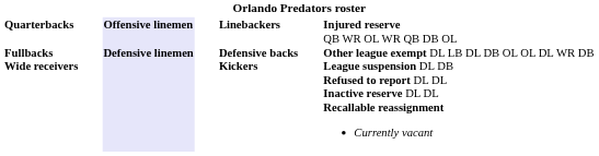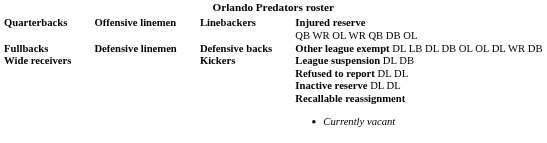 <table class="toccolours" style="text-align: left;">
 <tr>
 <th colspan=7 style="text-align:center; ">Orlando Predators roster</th>
 </tr>
 <tr>
 <td style="font-size: 95%;vertical-align:top;"><strong>Quarterbacks</strong><br> <br><strong>Fullbacks</strong> <br><strong>Wide receivers</strong>     </td>
 <td style="width: 25px;"></td>
-<td style="background: lavender; font-size: 95%;vertical-align:top;"><strong>Offensive linemen</strong><br>    <br><strong>Defensive linemen</strong>    </td>
+<td style="font-size: 95%;vertical-align:top;"><strong>Offensive linemen</strong><br>    <br><strong>Defensive linemen</strong>    </td>
 <td style="width: 25px;"></td>
 <td style="font-size: 95%;vertical-align:top;"><strong>Linebackers</strong><br> <br><strong>Defensive backs</strong>    <br><strong>Kickers</strong> </td>
 <td style="width: 25px;"></td>
 <td style="font-size: 95%;vertical-align:top;"><strong>Injured reserve</strong><br> QB  WR  OL  WR  QB  DB  OL<br><strong>Other league exempt</strong>  DL  LB  DL  DB  OL  OL  DL  WR  DB<br><strong>League suspension</strong>  DL  DB<br><strong>Refused to report</strong>  DL  DL<br><strong>Inactive reserve</strong>  DL  DL<br><strong>Recallable reassignment</strong><ul><li><em>Currently vacant</em></li></ul></td>
 </tr>
 <tr>
 </tr>
 </table>
